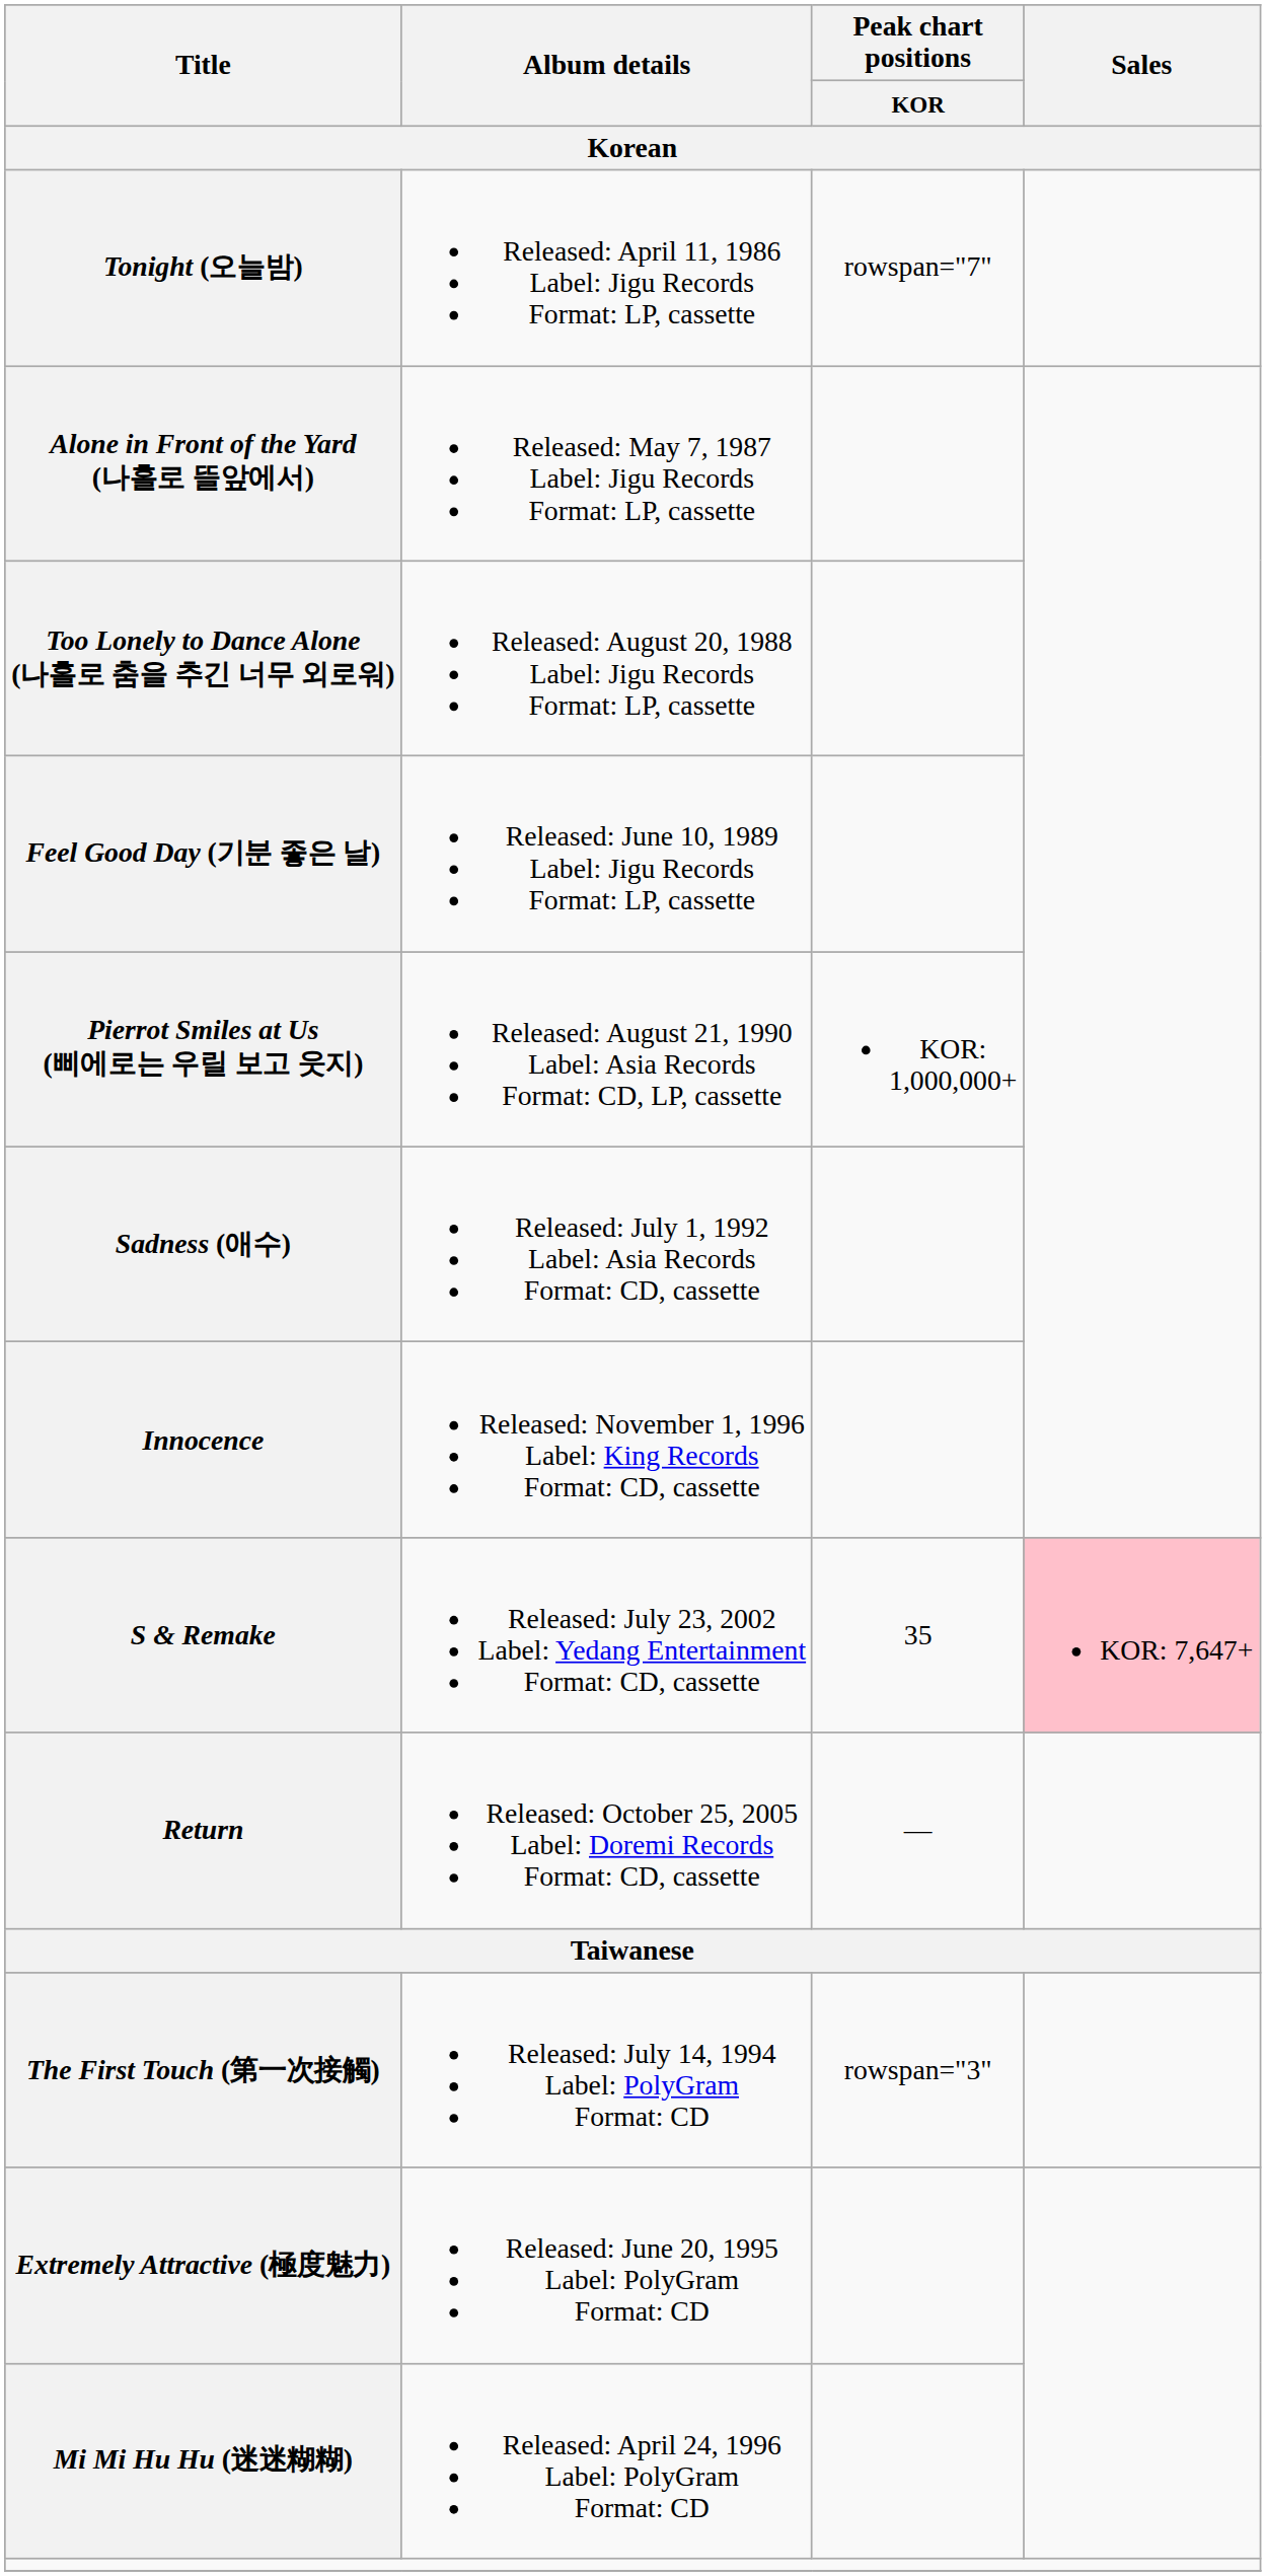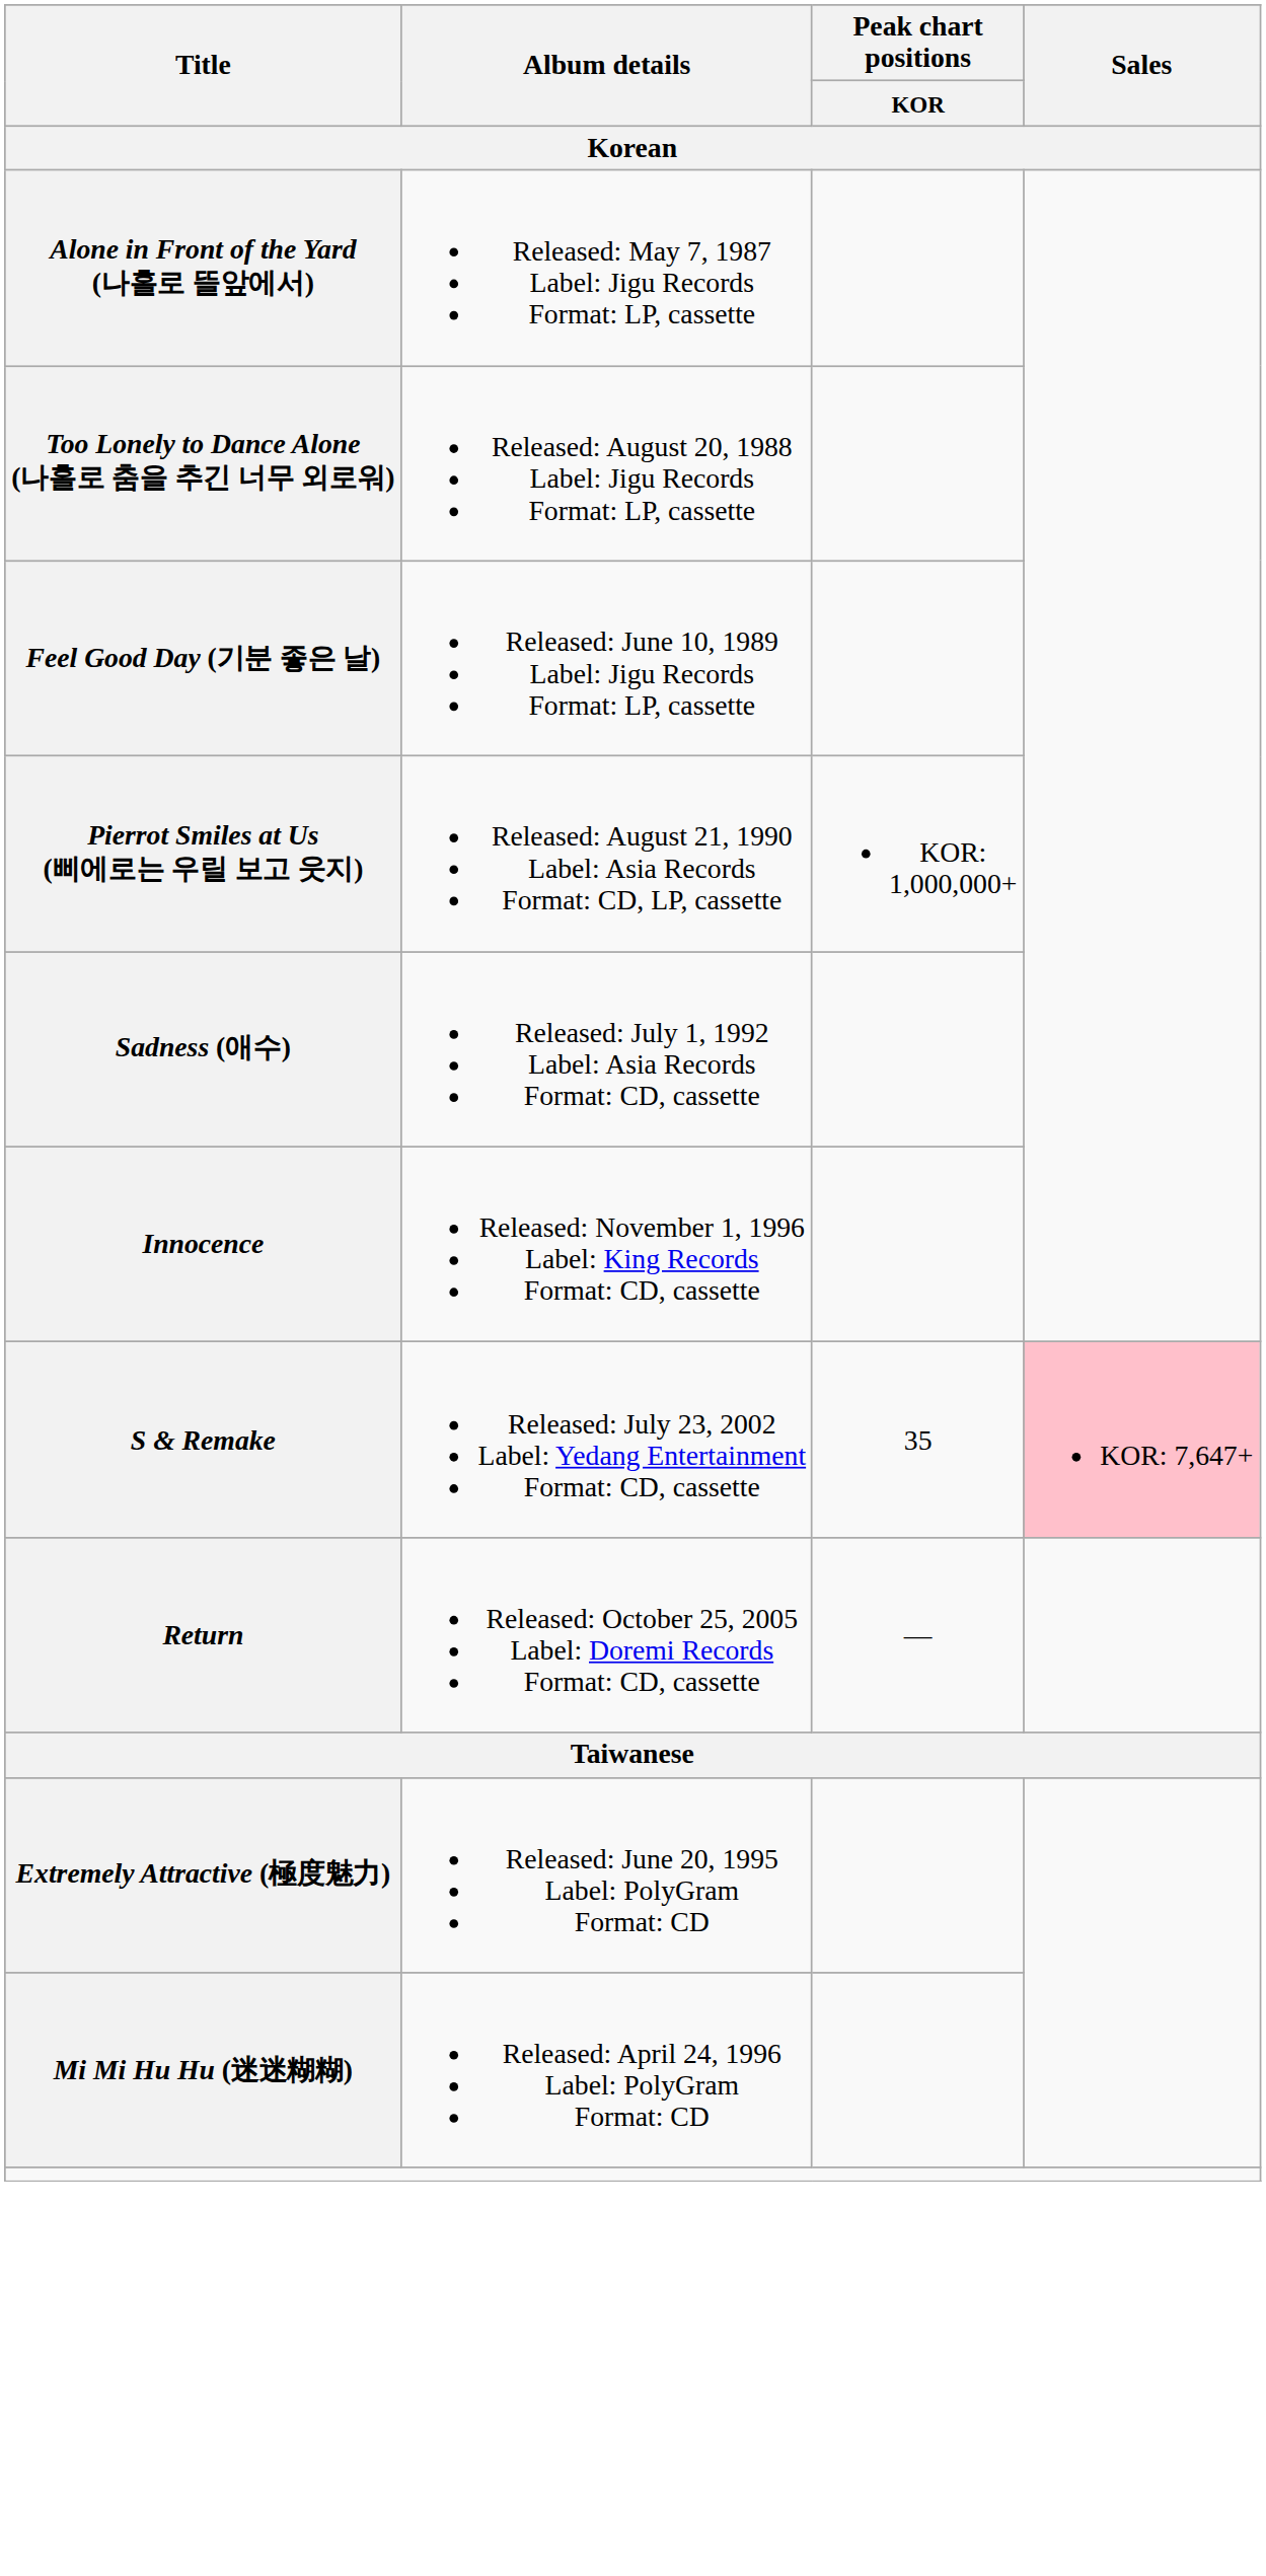 <table class="wikitable plainrowheaders" style="text-align:center;">
 <tr>
 <th scope="col" rowspan="2">Title</th>
 <th scope="col" rowspan="2">Album details</th>
 <th scope="col" colspan="1" style="width:5em;">Peak chart positions</th>
 <th scope="col" rowspan="2">Sales</th>
 </tr>
 <tr>
 <th><small>KOR</small><br></th>
 </tr>
 <tr>
 <th colspan="4">Korean</th>
-</tr>
-<tr>
-<th scope="row"><em>Tonight</em> (오늘밤)</th>
-<td><br><ul><li>Released: April 11, 1986</li><li>Label: Jigu Records</li><li>Format: LP, cassette</li></ul></td>
-<td>rowspan="7" </td>
-<td></td>
 </tr>
 <tr>
 <th scope="row"><em>Alone in Front of the Yard</em><br>(나홀로 뜰앞에서)</th>
 <td><br><ul><li>Released: May 7, 1987</li><li>Label: Jigu Records</li><li>Format: LP, cassette</li></ul></td>
 <td></td>
 </tr>
 <tr>
 <th scope="row"><em>Too Lonely to Dance Alone</em><br>(나홀로 춤을 추긴 너무 외로워)</th>
 <td><br><ul><li>Released: August 20, 1988</li><li>Label: Jigu Records</li><li>Format: LP, cassette</li></ul></td>
 <td></td>
 </tr>
 <tr>
 <th scope="row"><em>Feel Good Day</em> (기분 좋은 날)</th>
 <td><br><ul><li>Released: June 10, 1989</li><li>Label: Jigu Records</li><li>Format: LP, cassette</li></ul></td>
 <td></td>
 </tr>
 <tr>
 <th scope="row"><em>Pierrot Smiles at Us</em><br>(삐에로는 우릴 보고 웃지)</th>
 <td><br><ul><li>Released: August 21, 1990</li><li>Label: Asia Records</li><li>Format: CD, LP, cassette</li></ul></td>
 <td><br><ul><li>KOR: 1,000,000+</li></ul></td>
 </tr>
 <tr>
 <th scope="row"><em>Sadness</em> (애수)</th>
 <td><br><ul><li>Released: July 1, 1992</li><li>Label: Asia Records</li><li>Format: CD, cassette</li></ul></td>
 <td></td>
 </tr>
 <tr>
 <th scope="row"><em>Innocence</em></th>
 <td><br><ul><li>Released: November 1, 1996</li><li>Label: <a href='#'>King Records</a></li><li>Format: CD, cassette</li></ul></td>
 <td></td>
 </tr>
 <tr>
 <th scope="row"><em>S & Remake</em></th>
 <td><br><ul><li>Released: July 23, 2002</li><li>Label: <a href='#'>Yedang Entertainment</a></li><li>Format: CD, cassette</li></ul></td>
 <td>35</td>
 <td style="background: pink;"><br><ul><li>KOR: 7,647+</li></ul></td>
 </tr>
 <tr>
 <th scope="row"><em>Return</em></th>
 <td><br><ul><li>Released: October 25, 2005</li><li>Label: <a href='#'>Doremi Records</a></li><li>Format: CD, cassette</li></ul></td>
 <td>—</td>
 <td></td>
 </tr>
 <tr>
 <th colspan="4">Taiwanese</th>
 </tr>
 <tr>
-<th scope="row"><em>The First Touch</em> (第一次接觸)</th>
-<td><br><ul><li>Released: July 14, 1994</li><li>Label: <a href='#'>PolyGram</a></li><li>Format: CD</li></ul></td>
-<td>rowspan="3" </td>
-<td></td>
-</tr>
-<tr>
 <th scope="row"><em>Extremely Attractive</em> (極度魅力)</th>
 <td><br><ul><li>Released: June 20, 1995</li><li>Label: PolyGram</li><li>Format: CD</li></ul></td>
 <td></td>
 </tr>
 <tr>
 <th scope="row"><em>Mi Mi Hu Hu</em> (迷迷糊糊)</th>
 <td><br><ul><li>Released: April 24, 1996</li><li>Label: PolyGram</li><li>Format: CD</li></ul></td>
 <td></td>
 </tr>
 <tr>
 <td colspan="4"></td>
 </tr>
 <tr>
 </tr>
 </table>
